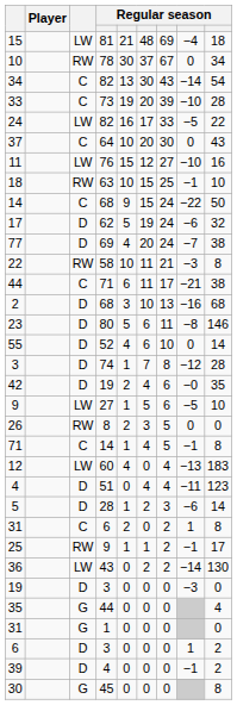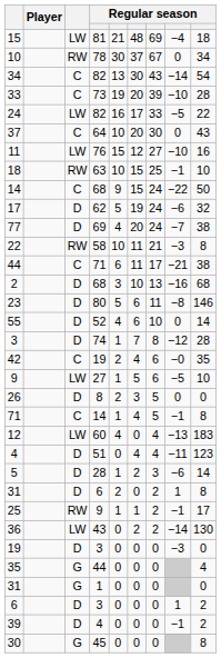 <table class="wikitable sortable plainrowheaders" style="text-align:center;">
 <tr>
 <th scope="col" data-sort-type="number" rowspan="2"></th>
 <th scope="col" rowspan="2">Player</th>
 <th scope="col" rowspan="2"></th>
 <th scope=colgroup colspan=6>Regular season</th>
 </tr>
 <tr>
 <th scope="col" data-sort-type="number"></th>
 <th scope="col" data-sort-type="number"></th>
 <th scope="col" data-sort-type="number"></th>
 <th scope="col" data-sort-type="number"></th>
 <th scope="col" data-sort-type="number"></th>
 <th scope="col" data-sort-type="number"></th>
 </tr>
 <tr>
 <td scope="row">15</td>
 <td align="left"></td>
 <td>LW</td>
 <td>81</td>
 <td>21</td>
 <td>48</td>
 <td>69</td>
 <td>−4</td>
 <td>18</td>
 </tr>
 <tr>
 <td scope="row">10</td>
 <td align="left"></td>
 <td>RW</td>
 <td>78</td>
 <td>30</td>
 <td>37</td>
 <td>67</td>
 <td>0</td>
 <td>34</td>
 </tr>
 <tr>
 <td scope="row">34</td>
 <td align="left"></td>
 <td>C</td>
 <td>82</td>
 <td>13</td>
 <td>30</td>
 <td>43</td>
 <td>−14</td>
 <td>54</td>
 </tr>
 <tr>
 <td scope="row">33</td>
 <td align="left"></td>
 <td>C</td>
 <td>73</td>
 <td>19</td>
 <td>20</td>
 <td>39</td>
 <td>−10</td>
 <td>28</td>
 </tr>
 <tr>
 <td scope="row">24</td>
 <td align="left"></td>
 <td>LW</td>
 <td>82</td>
 <td>16</td>
 <td>17</td>
 <td>33</td>
 <td>−5</td>
 <td>22</td>
 </tr>
 <tr>
 <td scope="row">37</td>
 <td align="left"></td>
 <td>C</td>
 <td>64</td>
 <td>10</td>
 <td>20</td>
 <td>30</td>
 <td>0</td>
 <td>43</td>
 </tr>
 <tr>
 <td scope="row">11</td>
 <td align="left"></td>
 <td>LW</td>
 <td>76</td>
 <td>15</td>
 <td>12</td>
 <td>27</td>
 <td>−10</td>
 <td>16</td>
 </tr>
 <tr>
 <td scope="row">18</td>
 <td align="left"></td>
 <td>RW</td>
 <td>63</td>
 <td>10</td>
 <td>15</td>
 <td>25</td>
 <td>−1</td>
 <td>10</td>
 </tr>
 <tr>
 <td scope="row">14</td>
 <td align="left"></td>
 <td>C</td>
 <td>68</td>
 <td>9</td>
 <td>15</td>
 <td>24</td>
 <td>−22</td>
 <td>50</td>
 </tr>
 <tr>
 <td scope="row">17</td>
 <td align="left"></td>
 <td>D</td>
 <td>62</td>
 <td>5</td>
 <td>19</td>
 <td>24</td>
 <td>−6</td>
 <td>32</td>
 </tr>
 <tr>
 <td scope="row">77</td>
 <td align="left"></td>
 <td>D</td>
 <td>69</td>
 <td>4</td>
 <td>20</td>
 <td>24</td>
 <td>−7</td>
 <td>38</td>
 </tr>
 <tr>
 <td scope="row">22</td>
 <td align="left"></td>
 <td>RW</td>
 <td>58</td>
 <td>10</td>
 <td>11</td>
 <td>21</td>
 <td>−3</td>
 <td>8</td>
 </tr>
 <tr>
 <td scope="row">44</td>
 <td align="left"></td>
 <td>C</td>
 <td>71</td>
 <td>6</td>
 <td>11</td>
 <td>17</td>
 <td>−21</td>
 <td>38</td>
 </tr>
 <tr>
 <td scope="row">2</td>
 <td align="left"></td>
 <td>D</td>
 <td>68</td>
 <td>3</td>
 <td>10</td>
 <td>13</td>
 <td>−16</td>
 <td>68</td>
 </tr>
 <tr>
 <td scope="row">23</td>
 <td align="left"></td>
 <td>D</td>
 <td>80</td>
 <td>5</td>
 <td>6</td>
 <td>11</td>
 <td>−8</td>
 <td>146</td>
 </tr>
 <tr>
 <td scope="row">55</td>
 <td align="left"></td>
 <td>D</td>
 <td>52</td>
 <td>4</td>
 <td>6</td>
 <td>10</td>
 <td>0</td>
 <td>14</td>
 </tr>
 <tr>
 <td scope="row">3</td>
 <td align="left"></td>
 <td>D</td>
 <td>74</td>
 <td>1</td>
 <td>7</td>
 <td>8</td>
 <td>−12</td>
 <td>28</td>
 </tr>
 <tr>
 <td scope="row">42</td>
 <td align="left"></td>
-<td>D</td>
+<td>C</td>
 <td>19</td>
 <td>2</td>
 <td>4</td>
 <td>6</td>
 <td>−0</td>
 <td>35</td>
 </tr>
 <tr>
 <td scope="row">9</td>
 <td align="left"></td>
 <td>LW</td>
 <td>27</td>
 <td>1</td>
 <td>5</td>
 <td>6</td>
 <td>−5</td>
 <td>10</td>
 </tr>
 <tr>
 <td scope="row">26</td>
 <td align="left"></td>
-<td>RW</td>
+<td>D</td>
 <td>8</td>
 <td>2</td>
 <td>3</td>
 <td>5</td>
 <td>0</td>
 <td>0</td>
 </tr>
 <tr>
 <td scope="row">71</td>
 <td align="left"></td>
 <td>C</td>
 <td>14</td>
 <td>1</td>
 <td>4</td>
 <td>5</td>
 <td>−1</td>
 <td>8</td>
 </tr>
 <tr>
 <td scope="row">12</td>
 <td align="left"></td>
 <td>LW</td>
 <td>60</td>
 <td>4</td>
 <td>0</td>
 <td>4</td>
 <td>−13</td>
 <td>183</td>
 </tr>
 <tr>
 <td scope="row">4</td>
 <td align="left"></td>
 <td>D</td>
 <td>51</td>
 <td>0</td>
 <td>4</td>
 <td>4</td>
 <td>−11</td>
 <td>123</td>
 </tr>
 <tr>
 <td scope="row">5</td>
 <td align="left"></td>
 <td>D</td>
 <td>28</td>
 <td>1</td>
 <td>2</td>
 <td>3</td>
 <td>−6</td>
 <td>14</td>
 </tr>
 <tr>
 <td scope="row">31</td>
 <td align="left"></td>
-<td>C</td>
+<td>D</td>
 <td>6</td>
 <td>2</td>
 <td>0</td>
 <td>2</td>
 <td>1</td>
 <td>8</td>
 </tr>
 <tr>
 <td scope="row">25</td>
 <td align="left"></td>
 <td>RW</td>
 <td>9</td>
 <td>1</td>
 <td>1</td>
 <td>2</td>
 <td>−1</td>
 <td>17</td>
 </tr>
 <tr>
 <td scope="row">36</td>
 <td align="left"></td>
 <td>LW</td>
 <td>43</td>
 <td>0</td>
 <td>2</td>
 <td>2</td>
 <td>−14</td>
 <td>130</td>
 </tr>
 <tr>
 <td scope="row">19</td>
 <td align="left"></td>
 <td>D</td>
 <td>3</td>
 <td>0</td>
 <td>0</td>
 <td>0</td>
 <td>−3</td>
 <td>0</td>
 </tr>
 <tr>
 <td scope="row">35</td>
 <td align="left"></td>
 <td>G</td>
 <td>44</td>
 <td>0</td>
 <td>0</td>
 <td>0</td>
 <td style="background:#ccc"></td>
 <td>4</td>
 </tr>
 <tr>
 <td scope="row">31</td>
 <td align="left"></td>
 <td>G</td>
 <td>1</td>
 <td>0</td>
 <td>0</td>
 <td>0</td>
 <td style="background:#ccc"></td>
 <td>0</td>
 </tr>
 <tr>
 <td scope="row">6</td>
 <td align="left"></td>
 <td>D</td>
 <td>3</td>
 <td>0</td>
 <td>0</td>
 <td>0</td>
 <td>1</td>
 <td>2</td>
 </tr>
 <tr>
 <td scope="row">39</td>
 <td align="left"></td>
 <td>D</td>
 <td>4</td>
 <td>0</td>
 <td>0</td>
 <td>0</td>
 <td>−1</td>
 <td>2</td>
 </tr>
 <tr>
 <td scope="row">30</td>
 <td align="left"></td>
 <td>G</td>
 <td>45</td>
 <td>0</td>
 <td>0</td>
 <td>0</td>
 <td style="background:#ccc"></td>
 <td>8</td>
 </tr>
 </table>
